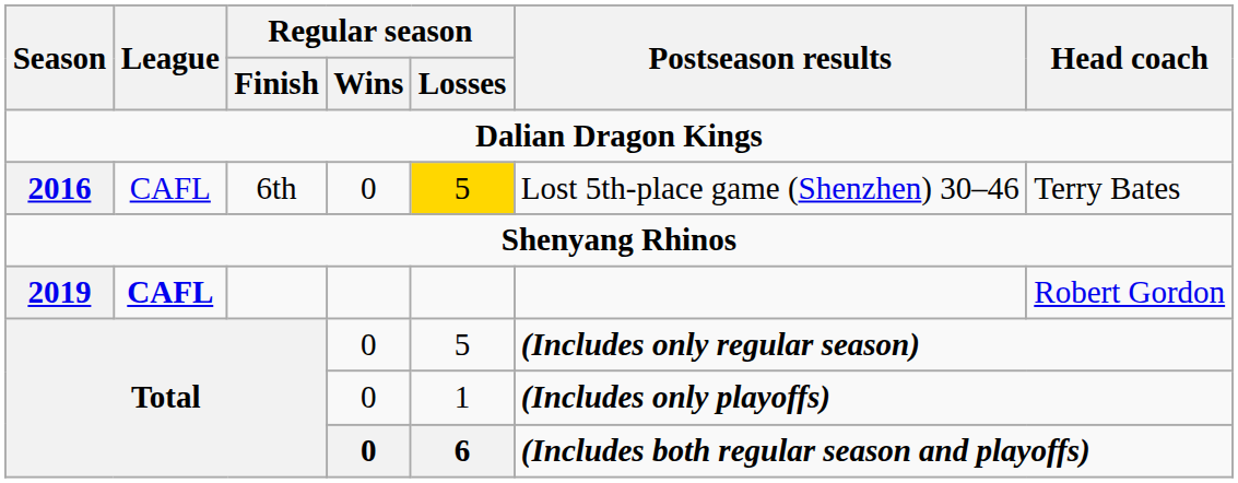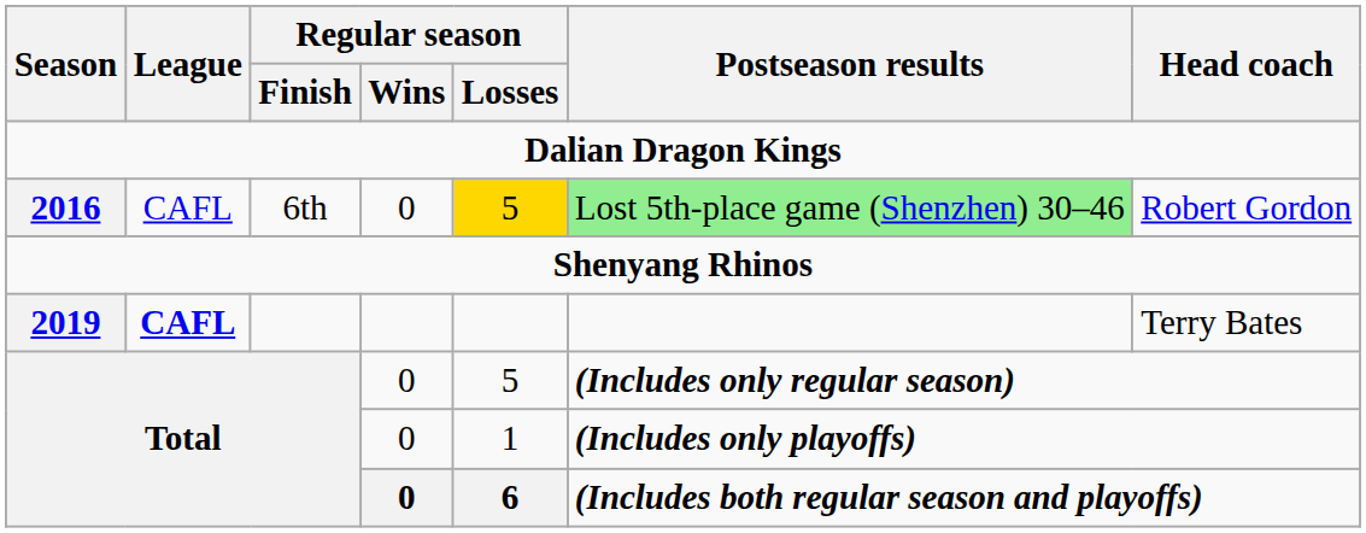 <table class="wikitable" style="font-size: 95%">
 <tr>
 <th rowspan="2">Season</th>
 <th rowspan="2">League</th>
 <th colspan="3">Regular season</th>
 <th rowspan="2">Postseason results</th>
 <th rowspan="2">Head coach</th>
 </tr>
 <tr>
 <th>Finish</th>
 <th>Wins</th>
 <th>Losses</th>
 </tr>
 <tr>
 <td align="center" colspan="12"><strong>Dalian Dragon Kings</strong></td>
 </tr>
 <tr>
 <th align="center"><a href='#'>2016</a></th>
 <td align="center"><a href='#'>CAFL</a></td>
 <td align="center">6th</td>
 <td align="center">0</td>
 <td align="center" style="background: gold;">5</td>
-<td>Lost 5th-place game (<a href='#'>Shenzhen</a>) 30–46</td>
-<td>Terry Bates</td>
+<td style="background: lightgreen;">Lost 5th-place game (<a href='#'>Shenzhen</a>) 30–46</td>
+<td><a href='#'>Robert Gordon</a></td>
 </tr>
 <tr>
 <td align="center" colspan="12"><strong>Shenyang Rhinos</strong></td>
 </tr>
 <tr>
 <th align="center"><a href='#'>2019</a></th>
 <td align="center"><strong><a href='#'>CAFL</a></strong></td>
 <td align="center"></td>
 <td align="center"></td>
 <td align="center"></td>
 <td></td>
-<td><a href='#'>Robert Gordon</a></td>
+<td>Terry Bates</td>
 </tr>
 <tr>
 <th align="center" rowSpan="3" colSpan="3">Total</th>
 <td align="center">0</td>
 <td align="center">5</td>
 <td colSpan="3"><strong><em>(Includes only regular season)</em></strong></td>
 </tr>
 <tr>
 <td align="center">0</td>
 <td align="center">1</td>
 <td colSpan="3"><strong><em>(Includes only playoffs)</em></strong></td>
 </tr>
 <tr>
 <th align="center">0</th>
 <th align="center">6</th>
 <td colSpan="3"><strong><em>(Includes both regular season and playoffs)</em></strong></td>
 </tr>
 </table>
